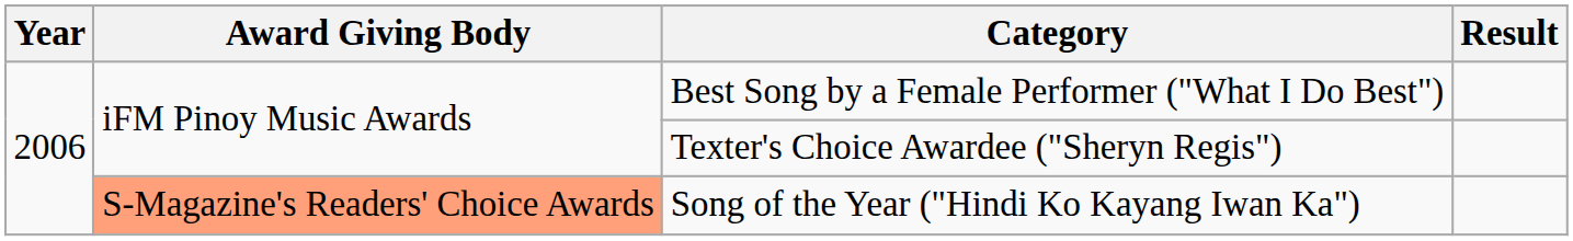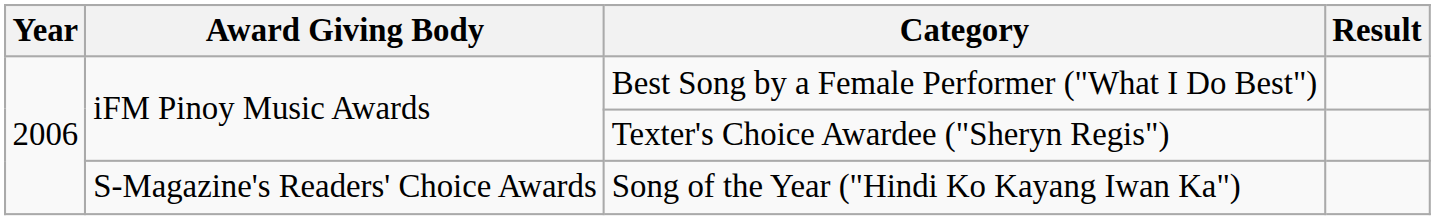 <table class="wikitable">
 <tr>
 <th>Year</th>
 <th>Award Giving Body</th>
 <th>Category</th>
 <th>Result</th>
 </tr>
 <tr>
 <td rowspan="3">2006</td>
 <td rowspan="2">iFM Pinoy Music Awards</td>
 <td>Best Song by a Female Performer ("What I Do Best")</td>
 <td></td>
 </tr>
 <tr>
 <td>Texter's Choice Awardee ("Sheryn Regis")</td>
 <td></td>
 </tr>
 <tr>
-<td style="background: lightsalmon;">S-Magazine's Readers' Choice Awards</td>
+<td>S-Magazine's Readers' Choice Awards</td>
 <td>Song of the Year ("Hindi Ko Kayang Iwan Ka")</td>
 <td></td>
 </tr>
 </table>
